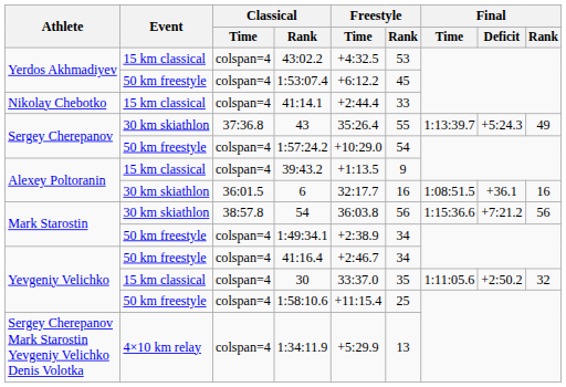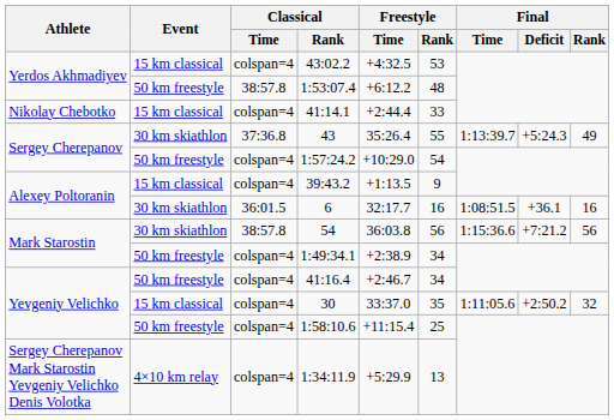 <table class="wikitable" style="font-size:90%">
 <tr>
 <th rowspan=2>Athlete</th>
 <th rowspan=2>Event</th>
 <th colspan=2>Classical</th>
 <th colspan=2>Freestyle</th>
 <th colspan=3>Final</th>
 </tr>
 <tr style="font-size: 95%">
 <th>Time</th>
 <th>Rank</th>
 <th>Time</th>
 <th>Rank</th>
 <th>Time</th>
 <th>Deficit</th>
 <th>Rank</th>
 </tr>
 <tr align=center>
 <td align=left rowspan=2><a href='#'>Yerdos Akhmadiyev</a></td>
 <td align=left><a href='#'>15 km classical</a></td>
 <td>colspan=4 </td>
 <td>43:02.2</td>
 <td>+4:32.5</td>
 <td>53</td>
 </tr>
 <tr align=center>
 <td align=left><a href='#'>50 km freestyle</a></td>
-<td>colspan=4 </td>
+<td>38:57.8</td>
 <td>1:53:07.4</td>
 <td>+6:12.2</td>
-<td>45</td>
+<td>48</td>
 </tr>
 <tr align=center>
 <td align=left><a href='#'>Nikolay Chebotko</a></td>
 <td align=left><a href='#'>15 km classical</a></td>
 <td>colspan=4 </td>
 <td>41:14.1</td>
 <td>+2:44.4</td>
 <td>33</td>
 </tr>
 <tr align=center>
 <td align=left rowspan=2><a href='#'>Sergey Cherepanov</a></td>
 <td align=left><a href='#'>30 km skiathlon</a></td>
 <td>37:36.8</td>
 <td>43</td>
 <td>35:26.4</td>
 <td>55</td>
 <td>1:13:39.7</td>
 <td>+5:24.3</td>
 <td>49</td>
 </tr>
 <tr align=center>
 <td align=left><a href='#'>50 km freestyle</a></td>
 <td>colspan=4 </td>
 <td>1:57:24.2</td>
 <td>+10:29.0</td>
 <td>54</td>
 </tr>
 <tr align=center>
 <td align=left rowspan=2><a href='#'>Alexey Poltoranin</a></td>
 <td align=left><a href='#'>15 km classical</a></td>
 <td>colspan=4 </td>
 <td>39:43.2</td>
 <td>+1:13.5</td>
 <td>9</td>
 </tr>
 <tr align=center>
 <td align=left><a href='#'>30 km skiathlon</a></td>
 <td>36:01.5</td>
 <td>6</td>
 <td>32:17.7</td>
 <td>16</td>
 <td>1:08:51.5</td>
 <td>+36.1</td>
 <td>16</td>
 </tr>
 <tr align=center>
 <td align=left rowspan=2><a href='#'>Mark Starostin</a></td>
 <td align=left><a href='#'>30 km skiathlon</a></td>
 <td>38:57.8</td>
 <td>54</td>
 <td>36:03.8</td>
 <td>56</td>
 <td>1:15:36.6</td>
 <td>+7:21.2</td>
 <td>56</td>
 </tr>
 <tr align=center>
 <td align=left><a href='#'>50 km freestyle</a></td>
 <td>colspan=4 </td>
 <td>1:49:34.1</td>
 <td>+2:38.9</td>
 <td>34</td>
 </tr>
 <tr align=center>
 <td align=left rowspan=3><a href='#'>Yevgeniy Velichko</a></td>
 <td align=left><a href='#'>50 km freestyle</a></td>
 <td>colspan=4 </td>
 <td>41:16.4</td>
 <td>+2:46.7</td>
 <td>34</td>
 </tr>
 <tr align=center>
 <td align=left><a href='#'>15 km classical</a></td>
 <td>colspan=4 </td>
 <td>30</td>
 <td>33:37.0</td>
 <td>35</td>
 <td>1:11:05.6</td>
 <td>+2:50.2</td>
 <td>32</td>
 </tr>
 <tr align=center>
 <td align=left><a href='#'>50 km freestyle</a></td>
 <td>colspan=4 </td>
 <td>1:58:10.6</td>
 <td>+11:15.4</td>
 <td>25</td>
 </tr>
 <tr align=center>
 <td align=left><a href='#'>Sergey Cherepanov</a><br><a href='#'>Mark Starostin</a><br><a href='#'>Yevgeniy Velichko</a><br><a href='#'>Denis Volotka</a></td>
 <td align=left><a href='#'>4×10 km relay</a></td>
 <td>colspan=4 </td>
 <td>1:34:11.9</td>
 <td>+5:29.9</td>
 <td>13</td>
 </tr>
 </table>
